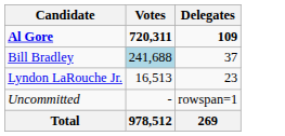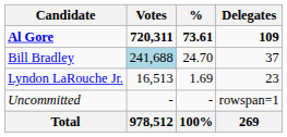 <table class="wikitable sortable" style="text-align:right;">
 <tr>
 <th>Candidate</th>
 <th>Votes</th>
+<th>%</th>
 <th>Delegates</th>
 </tr>
 <tr>
 <td style="text-align:left;" data-sort-value="Gore, Al"><strong><a href='#'>Al Gore</a></strong></td>
 <td><strong>720,311</strong></td>
+<td><strong>73.61</strong></td>
 <td><strong>109</strong></td>
 </tr>
 <tr>
 <td style="text-align:left;" data-sort-value="Bradley, Bill"><a href='#'>Bill Bradley</a></td>
 <td style="background: lightblue;">241,688</td>
+<td>24.70</td>
 <td>37</td>
 </tr>
 <tr>
 <td style="text-align:left;" data-sort-value="LaRouche Jr., Lyndon"><a href='#'>Lyndon LaRouche Jr.</a></td>
 <td>16,513</td>
+<td>1.69</td>
 <td>23</td>
 </tr>
 <tr>
 <td style="text-align:left;" data-sort-value="ZZZ"><em>Uncommitted</em></td>
+<td>-</td>
 <td>-</td>
 <td>rowspan=1 </td>
 </tr>
 <tr>
 <th>Total</th>
 <th>978,512</th>
+<th>100%</th>
 <th>269</th>
 </tr>
 </table>
